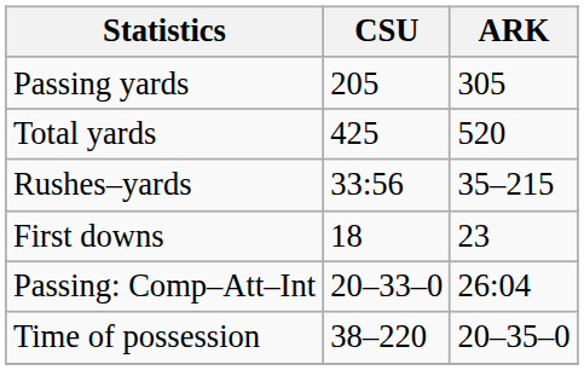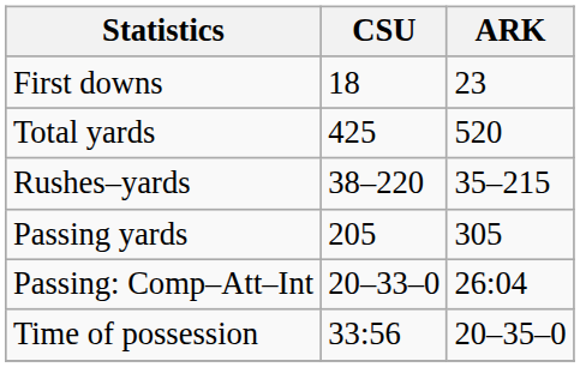 <table class="wikitable" style="float: left;">
 <tr>
 <th>Statistics</th>
 <th>CSU</th>
 <th>ARK</th>
 </tr>
 <tr>
-<td>Passing yards</td>
-<td>205</td>
-<td>305</td>
+<td>First downs</td>
+<td>18</td>
+<td>23</td>
 </tr>
 <tr>
 <td>Total yards</td>
 <td>425</td>
 <td>520</td>
 </tr>
 <tr>
 <td>Rushes–yards</td>
-<td>33:56</td>
+<td>38–220</td>
 <td>35–215</td>
 </tr>
 <tr>
-<td>First downs</td>
-<td>18</td>
-<td>23</td>
+<td>Passing yards</td>
+<td>205</td>
+<td>305</td>
 </tr>
 <tr>
 <td>Passing: Comp–Att–Int</td>
 <td>20–33–0</td>
 <td>26:04</td>
 </tr>
 <tr>
 <td>Time of possession</td>
-<td>38–220</td>
+<td>33:56</td>
 <td>20–35–0</td>
 </tr>
 <tr>
 </tr>
 </table>
